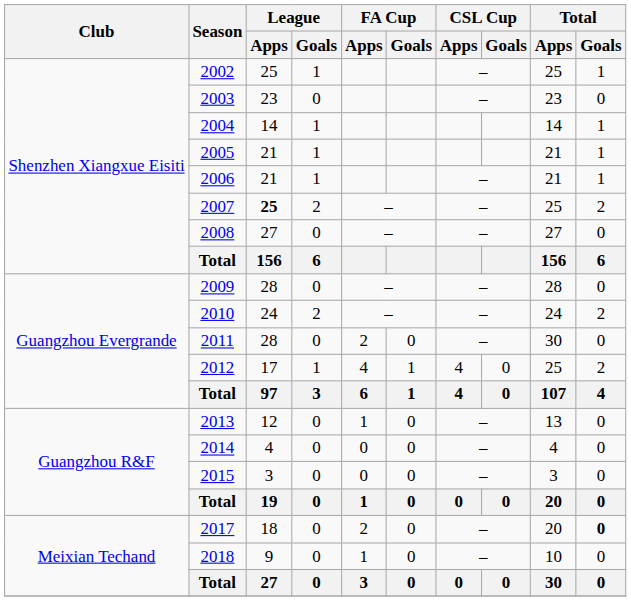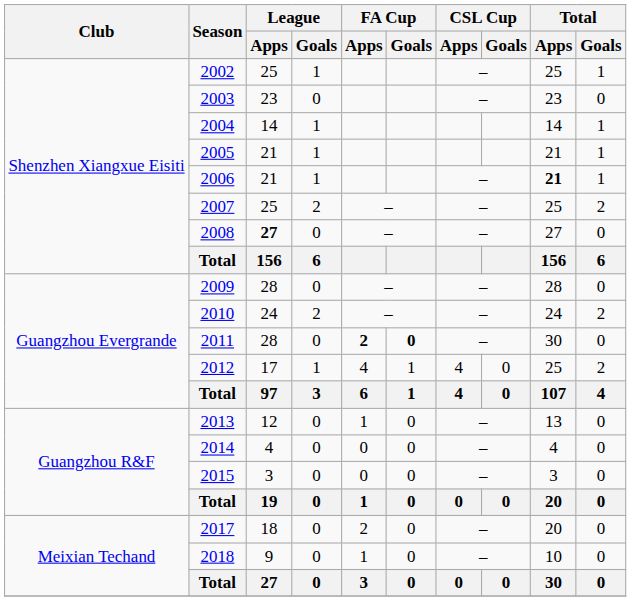 <table class="wikitable" style="text-align: center;">
 <tr>
 <th rowspan="2">Club</th>
 <th rowspan="2">Season</th>
 <th colspan="2">League</th>
 <th colspan="2">FA Cup</th>
 <th colspan="2">CSL Cup</th>
 <th colspan="2">Total</th>
 </tr>
 <tr>
 <th>Apps</th>
 <th>Goals</th>
 <th>Apps</th>
 <th>Goals</th>
 <th>Apps</th>
 <th>Goals</th>
 <th>Apps</th>
 <th>Goals</th>
 </tr>
 <tr>
 <td rowspan="8" valign="center"><a href='#'>Shenzhen Xiangxue Eisiti</a></td>
 <td><a href='#'>2002</a></td>
 <td>25</td>
 <td>1</td>
 <td></td>
 <td></td>
 <td colspan="2">–</td>
 <td>25</td>
 <td>1</td>
 </tr>
 <tr>
 <td><a href='#'>2003</a></td>
 <td>23</td>
 <td>0</td>
 <td></td>
 <td></td>
 <td colspan="2">–</td>
 <td>23</td>
 <td>0</td>
 </tr>
 <tr>
 <td><a href='#'>2004</a></td>
 <td>14</td>
 <td>1</td>
 <td></td>
 <td></td>
 <td></td>
 <td></td>
 <td>14</td>
 <td>1</td>
 </tr>
 <tr>
 <td><a href='#'>2005</a></td>
 <td>21</td>
 <td>1</td>
 <td></td>
 <td></td>
 <td></td>
 <td></td>
 <td>21</td>
 <td>1</td>
 </tr>
 <tr>
 <td><a href='#'>2006</a></td>
 <td>21</td>
 <td>1</td>
 <td></td>
 <td></td>
 <td colspan="2">–</td>
-<td>21</td>
+<td><strong>21</strong></td>
 <td>1</td>
 </tr>
 <tr>
 <td><a href='#'>2007</a></td>
-<td><strong>25</strong></td>
+<td>25</td>
 <td>2</td>
 <td colspan="2">–</td>
 <td colspan="2">–</td>
 <td>25</td>
 <td>2</td>
 </tr>
 <tr>
 <td><a href='#'>2008</a></td>
-<td>27</td>
+<td><strong>27</strong></td>
 <td>0</td>
 <td colspan="2">–</td>
 <td colspan="2">–</td>
 <td>27</td>
 <td>0</td>
 </tr>
 <tr>
 <th>Total</th>
 <th>156</th>
 <th>6</th>
 <th></th>
 <th></th>
 <th></th>
 <th></th>
 <th>156</th>
 <th>6</th>
 </tr>
 <tr>
 <td rowspan="5" valign="center"><a href='#'>Guangzhou Evergrande</a></td>
 <td><a href='#'>2009</a></td>
 <td>28</td>
 <td>0</td>
 <td colspan="2">–</td>
 <td colspan="2">–</td>
 <td>28</td>
 <td>0</td>
 </tr>
 <tr>
 <td><a href='#'>2010</a></td>
 <td>24</td>
 <td>2</td>
 <td colspan="2">–</td>
 <td colspan="2">–</td>
 <td>24</td>
 <td>2</td>
 </tr>
 <tr>
 <td><a href='#'>2011</a></td>
 <td>28</td>
 <td>0</td>
-<td>2</td>
-<td>0</td>
+<td><strong>2</strong></td>
+<td><strong>0</strong></td>
 <td colspan="2">–</td>
 <td>30</td>
 <td>0</td>
 </tr>
 <tr>
 <td><a href='#'>2012</a></td>
 <td>17</td>
 <td>1</td>
 <td>4</td>
 <td>1</td>
 <td>4</td>
 <td>0</td>
 <td>25</td>
 <td>2</td>
 </tr>
 <tr>
 <th>Total</th>
 <th>97</th>
 <th>3</th>
 <th>6</th>
 <th>1</th>
 <th>4</th>
 <th>0</th>
 <th>107</th>
 <th>4</th>
 </tr>
 <tr>
 <td rowspan="4" valign="center"><a href='#'>Guangzhou R&F</a></td>
 <td><a href='#'>2013</a></td>
 <td>12</td>
 <td>0</td>
 <td>1</td>
 <td>0</td>
 <td colspan="2">–</td>
 <td>13</td>
 <td>0</td>
 </tr>
 <tr>
 <td><a href='#'>2014</a></td>
 <td>4</td>
 <td>0</td>
 <td>0</td>
 <td>0</td>
 <td colspan="2">–</td>
 <td>4</td>
 <td>0</td>
 </tr>
 <tr>
 <td><a href='#'>2015</a></td>
 <td>3</td>
 <td>0</td>
 <td>0</td>
 <td>0</td>
 <td colspan="2">–</td>
 <td>3</td>
 <td>0</td>
 </tr>
 <tr>
 <th>Total</th>
 <th>19</th>
 <th>0</th>
 <th>1</th>
 <th>0</th>
 <th>0</th>
 <th>0</th>
 <th>20</th>
 <th>0</th>
 </tr>
 <tr>
 <td rowspan="3" valign="center"><a href='#'>Meixian Techand</a></td>
 <td><a href='#'>2017</a></td>
 <td>18</td>
 <td>0</td>
 <td>2</td>
 <td>0</td>
 <td colspan="2">–</td>
 <td>20</td>
-<td><strong>0</strong></td>
+<td>0</td>
 </tr>
 <tr>
 <td><a href='#'>2018</a></td>
 <td>9</td>
 <td>0</td>
 <td>1</td>
 <td>0</td>
 <td colspan="2">–</td>
 <td>10</td>
 <td>0</td>
 </tr>
 <tr>
 <th>Total</th>
 <th>27</th>
 <th>0</th>
 <th>3</th>
 <th>0</th>
 <th>0</th>
 <th>0</th>
 <th>30</th>
 <th>0</th>
 </tr>
 <tr>
 </tr>
 </table>
